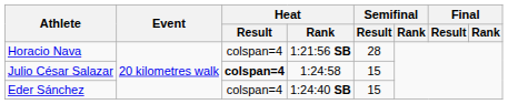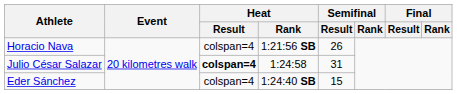 <table class="wikitable" style="font-size:90%">
 <tr>
 <th rowspan="2">Athlete</th>
 <th rowspan="2">Event</th>
 <th colspan="2">Heat</th>
 <th colspan="2">Semifinal</th>
 <th colspan="2">Final</th>
 </tr>
 <tr style="font-size:95%">
 <th>Result</th>
 <th>Rank</th>
 <th>Result</th>
 <th>Rank</th>
 <th>Result</th>
 <th>Rank</th>
 </tr>
 <tr style=text-align:center>
 <td style=text-align:left><a href='#'>Horacio Nava</a></td>
 <td style=text-align:left rowspan=3><a href='#'>20 kilometres walk</a></td>
 <td>colspan=4 </td>
 <td>1:21:56 <strong>SB</strong></td>
-<td>28</td>
+<td>26</td>
 </tr>
 <tr style=text-align:center>
 <td style=text-align:left><a href='#'>Julio César Salazar</a></td>
 <td><strong>colspan=4 </strong></td>
 <td>1:24:58</td>
-<td>15</td>
+<td>31</td>
 </tr>
 <tr style=text-align:center>
 <td style=text-align:left><a href='#'>Eder Sánchez</a></td>
 <td>colspan=4 </td>
 <td>1:24:40 <strong>SB</strong></td>
 <td>15</td>
 </tr>
 </table>
